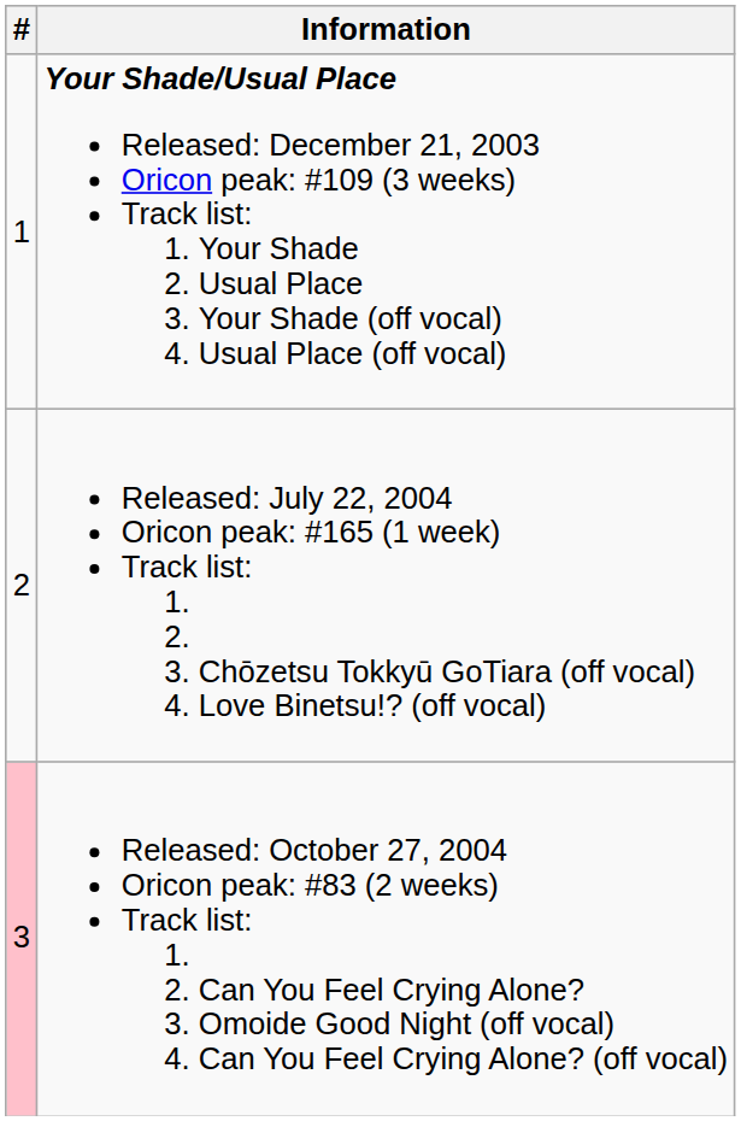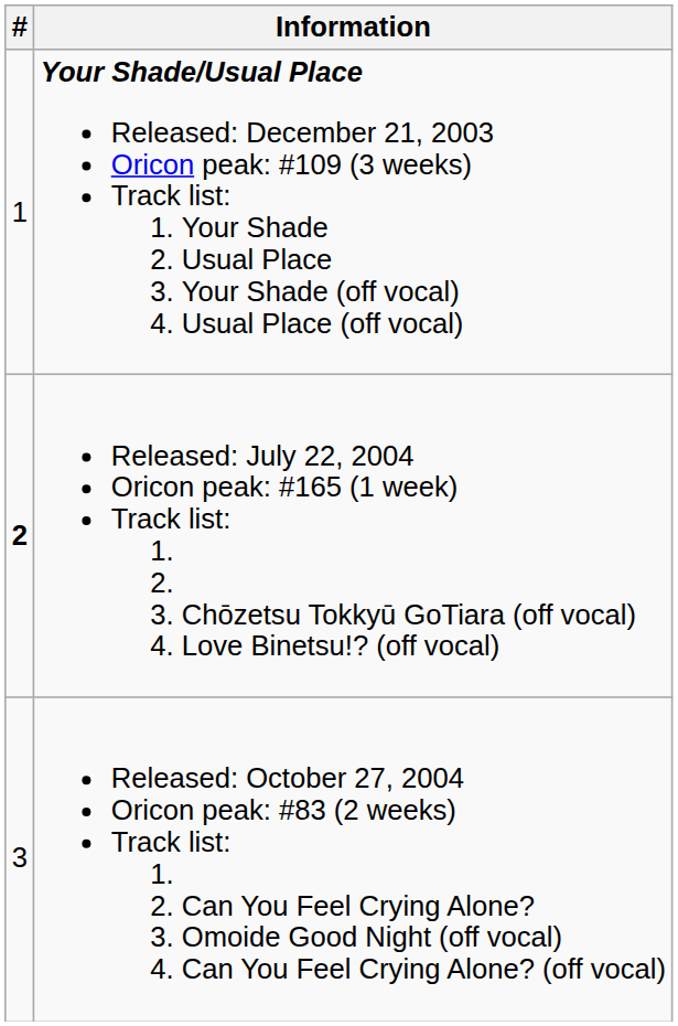 <table class="wikitable">
 <tr>
 <th>#</th>
 <th>Information</th>
 </tr>
 <tr>
 <td>1</td>
 <td><strong><em>Your Shade/Usual Place</em></strong><br><ul><li>Released: December 21, 2003</li><li><a href='#'>Oricon</a> peak: #109 (3 weeks)</li><li>Track list:<ol><li>Your Shade</li><li>Usual Place</li><li>Your Shade (off vocal)</li><li>Usual Place (off vocal)</li></ol></li></ul></td>
 </tr>
 <tr>
-<td>2</td>
+<td><strong>2</strong></td>
 <td><strong><em></em></strong><br><ul><li>Released: July 22, 2004</li><li>Oricon peak: #165 (1 week)</li><li>Track list:<ol><li></li><li></li><li>Chōzetsu Tokkyū GoTiara (off vocal)</li><li>Love Binetsu!? (off vocal)</li></ol></li></ul></td>
 </tr>
 <tr>
-<td style="background: pink;">3</td>
+<td>3</td>
 <td><strong><em></em></strong><br><ul><li>Released: October 27, 2004</li><li>Oricon peak: #83 (2 weeks)</li><li>Track list:<ol><li></li><li>Can You Feel Crying Alone?</li><li>Omoide Good Night (off vocal)</li><li>Can You Feel Crying Alone? (off vocal)</li></ol></li></ul></td>
 </tr>
 </table>
